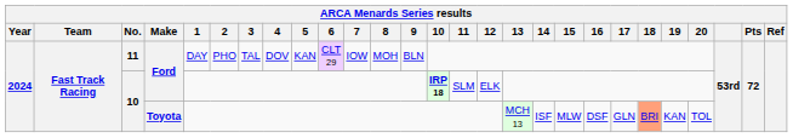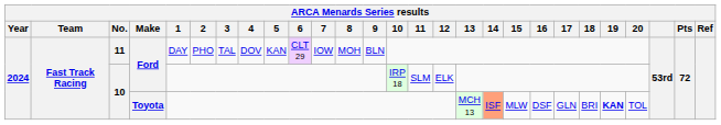 <table class="wikitable" style="text-align:center; font-size:75%">
 <tr>
 <th colspan=27><a href='#'>ARCA Menards Series</a> results</th>
 </tr>
 <tr>
 <th>Year</th>
 <th>Team</th>
 <th>No.</th>
 <th>Make</th>
 <th>1</th>
 <th>2</th>
 <th>3</th>
 <th>4</th>
 <th>5</th>
 <th>6</th>
 <th>7</th>
 <th>8</th>
 <th>9</th>
 <th>10</th>
 <th>11</th>
 <th>12</th>
 <th>13</th>
 <th>14</th>
 <th>15</th>
 <th>16</th>
 <th>17</th>
 <th>18</th>
 <th>19</th>
 <th>20</th>
 <th></th>
 <th>Pts</th>
 <th>Ref</th>
 </tr>
 <tr>
 <th rowspan=3><a href='#'>2024</a></th>
 <th rowspan=3><a href='#'>Fast Track Racing</a></th>
 <th>11</th>
 <th rowspan=2><a href='#'>Ford</a></th>
 <td><a href='#'>DAY</a></td>
 <td><a href='#'>PHO</a></td>
 <td><a href='#'>TAL</a></td>
 <td><a href='#'>DOV</a></td>
 <td><a href='#'>KAN</a></td>
 <td style="background:#EFCFFF;"><a href='#'>CLT</a><br><small>29</small></td>
 <td><a href='#'>IOW</a></td>
 <td><a href='#'>MOH</a></td>
 <td><a href='#'>BLN</a></td>
 <td colspan=11></td>
 <th rowspan=3>53rd</th>
 <th rowspan=3>72</th>
 <th rowspan=3></th>
 </tr>
 <tr>
 <th rowspan=2>10</th>
 <td colspan=9></td>
-<td style="background:#DFFFDF;"><strong><a href='#'>IRP</a><br><small>18</small></strong></td>
+<td style="background:#DFFFDF;"><a href='#'>IRP</a><br><small>18</small></td>
 <td><a href='#'>SLM</a></td>
 <td><a href='#'>ELK</a></td>
 <td colspan=8></td>
 </tr>
 <tr>
 <th><a href='#'>Toyota</a></th>
 <td colspan=12></td>
 <td style="background:#DFFFDF;"><a href='#'>MCH</a><br><small>13</small></td>
-<td><a href='#'>ISF</a></td>
+<td style="background: lightsalmon;"><a href='#'>ISF</a></td>
 <td><a href='#'>MLW</a></td>
 <td><a href='#'>DSF</a></td>
 <td><a href='#'>GLN</a></td>
-<td style="background: lightsalmon;"><a href='#'>BRI</a></td>
-<td><a href='#'>KAN</a></td>
+<td><a href='#'>BRI</a></td>
+<td><strong><a href='#'>KAN</a></strong></td>
 <td><a href='#'>TOL</a></td>
 </tr>
 </table>
